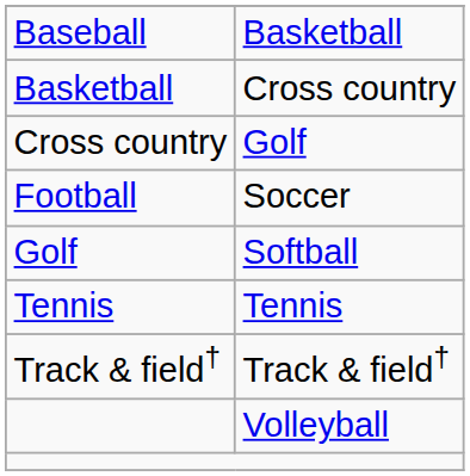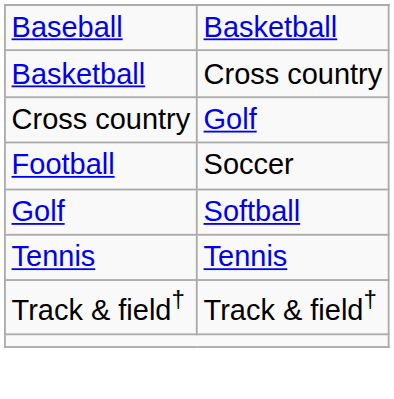 <table class="wikitable" style= " ">
 <tr>
 </tr>
 <tr>
 <td><a href='#'>Baseball</a></td>
 <td><a href='#'>Basketball</a></td>
 </tr>
 <tr>
 <td><a href='#'>Basketball</a></td>
 <td>Cross country</td>
 </tr>
 <tr>
 <td>Cross country</td>
 <td><a href='#'>Golf</a></td>
 </tr>
 <tr>
 <td><a href='#'>Football</a></td>
 <td>Soccer</td>
 </tr>
 <tr>
 <td><a href='#'>Golf</a></td>
 <td><a href='#'>Softball</a></td>
 </tr>
 <tr>
 <td><a href='#'>Tennis</a></td>
 <td><a href='#'>Tennis</a></td>
 </tr>
 <tr>
 <td>Track & field<sup>†</sup></td>
 <td>Track & field<sup>†</sup></td>
 </tr>
 <tr>
-<td></td>
-<td><a href='#'>Volleyball</a></td>
-</tr>
-<tr>
 <td colspan="2"></td>
 </tr>
 </table>
